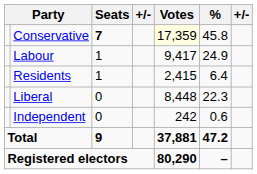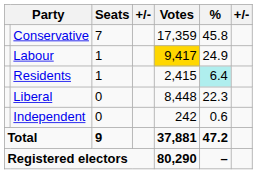 <table class="wikitable sortable">
 <tr>
 <th colspan="2">Party</th>
 <th>Seats</th>
 <th>+/-</th>
 <th>Votes</th>
 <th>%</th>
 <th>+/-</th>
 </tr>
 <tr>
 <td style="background-color: "></td>
 <td><a href='#'>Conservative</a></td>
-<td><strong>7</strong></td>
+<td>7</td>
 <td></td>
-<td style="background: lightyellow; text-align:right;">17,359</td>
+<td style="text-align:right;">17,359</td>
 <td style="text-align:right;">45.8</td>
 <td style="text-align:right;"></td>
 </tr>
 <tr>
 <td style="background-color: "></td>
 <td><a href='#'>Labour</a></td>
 <td>1</td>
 <td></td>
-<td style="text-align:right;">9,417</td>
+<td style="background: gold; text-align:right;">9,417</td>
 <td style="text-align:right;">24.9</td>
 <td style="text-align:right;"></td>
 </tr>
 <tr>
 <td style="background-color: "></td>
 <td><a href='#'>Residents</a></td>
 <td>1</td>
 <td></td>
 <td style="text-align:right;">2,415</td>
-<td style="text-align:right;">6.4</td>
+<td style="background: paleturquoise; text-align:right;">6.4</td>
 <td style="text-align:right;"></td>
 </tr>
 <tr>
 <td style="background-color: "></td>
 <td><a href='#'>Liberal</a></td>
 <td>0</td>
 <td></td>
 <td style="text-align:right;">8,448</td>
 <td style="text-align:right;">22.3</td>
 <td style="text-align:right;"></td>
 </tr>
 <tr>
 <td style="background-color: "></td>
 <td><a href='#'>Independent</a></td>
 <td>0</td>
 <td></td>
 <td style="text-align:right;">242</td>
 <td style="text-align:right;">0.6</td>
 <td style="text-align:right;"></td>
 </tr>
 <tr>
 <td colspan="2"><strong>Total</strong></td>
 <td><strong>9</strong></td>
 <td></td>
 <td style="text-align:right;"><strong>37,881</strong></td>
 <td style="text-align:right;"><strong>47.2</strong></td>
 <td style="text-align:right;"></td>
 </tr>
 <tr>
 <td colspan="4"><strong>Registered electors</strong></td>
 <td style="text-align:right;"><strong>80,290</strong></td>
 <td style="text-align:right;"><strong>–</strong></td>
 <td style="text-align:right;"></td>
 </tr>
 </table>
